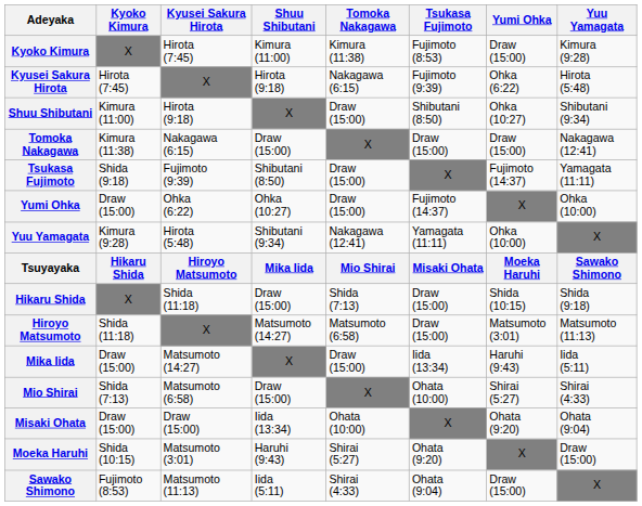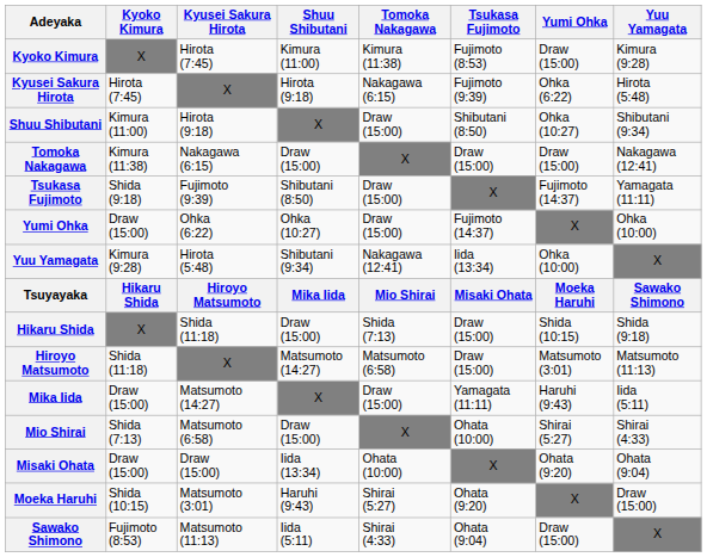 <table class="wikitable" align=center style="margin: 1em auto 1em auto">
 <tr>
 <th>Adeyaka</th>
 <th><a href='#'>Kyoko Kimura</a></th>
 <th><a href='#'>Kyusei Sakura Hirota</a></th>
 <th><a href='#'>Shuu Shibutani</a></th>
 <th><a href='#'>Tomoka Nakagawa</a></th>
 <th><a href='#'>Tsukasa Fujimoto</a></th>
 <th><a href='#'>Yumi Ohka</a></th>
 <th><a href='#'>Yuu Yamagata</a></th>
 </tr>
 <tr>
 <th><a href='#'>Kyoko Kimura</a></th>
 <td bgcolor=grey align="center">X</td>
 <td>Hirota<br>(7:45)</td>
 <td>Kimura<br>(11:00)</td>
 <td>Kimura<br>(11:38)</td>
 <td>Fujimoto<br>(8:53)</td>
 <td>Draw<br>(15:00)</td>
 <td>Kimura<br>(9:28)</td>
 </tr>
 <tr>
 <th><a href='#'>Kyusei Sakura Hirota</a></th>
 <td>Hirota<br>(7:45)</td>
 <td bgcolor=grey align="center">X</td>
 <td>Hirota<br>(9:18)</td>
 <td>Nakagawa<br>(6:15)</td>
 <td>Fujimoto<br>(9:39)</td>
 <td>Ohka<br>(6:22)</td>
 <td>Hirota<br>(5:48)</td>
 </tr>
 <tr>
 <th><a href='#'>Shuu Shibutani</a></th>
 <td>Kimura<br>(11:00)</td>
 <td>Hirota<br>(9:18)</td>
 <td bgcolor=grey align="center">X</td>
 <td>Draw<br>(15:00)</td>
 <td>Shibutani<br>(8:50)</td>
 <td>Ohka<br>(10:27)</td>
 <td>Shibutani<br>(9:34)</td>
 </tr>
 <tr>
 <th><a href='#'>Tomoka Nakagawa</a></th>
 <td>Kimura<br>(11:38)</td>
 <td>Nakagawa<br>(6:15)</td>
 <td>Draw<br>(15:00)</td>
 <td bgcolor=grey align="center">X</td>
 <td>Draw<br>(15:00)</td>
 <td>Draw<br>(15:00)</td>
 <td>Nakagawa<br>(12:41)</td>
 </tr>
 <tr>
 <th><a href='#'>Tsukasa Fujimoto</a></th>
 <td>Shida<br>(9:18)</td>
 <td>Fujimoto<br>(9:39)</td>
 <td>Shibutani<br>(8:50)</td>
 <td>Draw<br>(15:00)</td>
 <td bgcolor=grey align="center">X</td>
 <td>Fujimoto<br>(14:37)</td>
 <td>Yamagata<br>(11:11)</td>
 </tr>
 <tr>
 <th><a href='#'>Yumi Ohka</a></th>
 <td>Draw<br>(15:00)</td>
 <td>Ohka<br>(6:22)</td>
 <td>Ohka<br>(10:27)</td>
 <td>Draw<br>(15:00)</td>
 <td>Fujimoto<br>(14:37)</td>
 <td bgcolor=grey align="center">X</td>
 <td>Ohka<br>(10:00)</td>
 </tr>
 <tr>
 <th><a href='#'>Yuu Yamagata</a></th>
 <td>Kimura<br>(9:28)</td>
 <td>Hirota<br>(5:48)</td>
 <td>Shibutani<br>(9:34)</td>
 <td>Nakagawa<br>(12:41)</td>
-<td>Yamagata<br>(11:11)</td>
+<td>Iida<br>(13:34)</td>
 <td>Ohka<br>(10:00)</td>
 <td bgcolor=grey align="center">X</td>
 </tr>
 <tr>
 <th>Tsuyayaka</th>
 <th><a href='#'>Hikaru Shida</a></th>
 <th><a href='#'>Hiroyo Matsumoto</a></th>
 <th><a href='#'>Mika Iida</a></th>
 <th><a href='#'>Mio Shirai</a></th>
 <th><a href='#'>Misaki Ohata</a></th>
 <th><a href='#'>Moeka Haruhi</a></th>
 <th><a href='#'>Sawako Shimono</a></th>
 </tr>
 <tr>
 <th><a href='#'>Hikaru Shida</a></th>
 <td bgcolor=grey align="center">X</td>
 <td>Shida<br>(11:18)</td>
 <td>Draw<br>(15:00)</td>
 <td>Shida<br>(7:13)</td>
 <td>Draw<br>(15:00)</td>
 <td>Shida<br>(10:15)</td>
 <td>Shida<br>(9:18)</td>
 </tr>
 <tr>
 <th><a href='#'>Hiroyo Matsumoto</a></th>
 <td>Shida<br>(11:18)</td>
 <td bgcolor=grey align="center">X</td>
 <td>Matsumoto<br>(14:27)</td>
 <td>Matsumoto<br>(6:58)</td>
 <td>Draw<br>(15:00)</td>
 <td>Matsumoto<br>(3:01)</td>
 <td>Matsumoto<br>(11:13)</td>
 </tr>
 <tr>
 <th><a href='#'>Mika Iida</a></th>
 <td>Draw<br>(15:00)</td>
 <td>Matsumoto<br>(14:27)</td>
 <td bgcolor=grey align="center">X</td>
 <td>Draw<br>(15:00)</td>
-<td>Iida<br>(13:34)</td>
+<td>Yamagata<br>(11:11)</td>
 <td>Haruhi<br>(9:43)</td>
 <td>Iida<br>(5:11)</td>
 </tr>
 <tr>
 <th><a href='#'>Mio Shirai</a></th>
 <td>Shida<br>(7:13)</td>
 <td>Matsumoto<br>(6:58)</td>
 <td>Draw<br>(15:00)</td>
 <td bgcolor=grey align="center">X</td>
 <td>Ohata<br>(10:00)</td>
 <td>Shirai<br>(5:27)</td>
 <td>Shirai<br>(4:33)</td>
 </tr>
 <tr>
 <th><a href='#'>Misaki Ohata</a></th>
 <td>Draw<br>(15:00)</td>
 <td>Draw<br>(15:00)</td>
 <td>Iida<br>(13:34)</td>
 <td>Ohata<br>(10:00)</td>
 <td bgcolor=grey align="center">X</td>
 <td>Ohata<br>(9:20)</td>
 <td>Ohata<br>(9:04)</td>
 </tr>
 <tr>
 <th><a href='#'>Moeka Haruhi</a></th>
 <td>Shida<br>(10:15)</td>
 <td>Matsumoto<br>(3:01)</td>
 <td>Haruhi<br>(9:43)</td>
 <td>Shirai<br>(5:27)</td>
 <td>Ohata<br>(9:20)</td>
 <td bgcolor=grey align="center">X</td>
 <td>Draw<br>(15:00)</td>
 </tr>
 <tr>
 <th><a href='#'>Sawako Shimono</a></th>
 <td>Fujimoto<br>(8:53)</td>
 <td>Matsumoto<br>(11:13)</td>
 <td>Iida<br>(5:11)</td>
 <td>Shirai<br>(4:33)</td>
 <td>Ohata<br>(9:04)</td>
 <td>Draw<br>(15:00)</td>
 <td bgcolor=grey align="center">X</td>
 </tr>
 </table>
